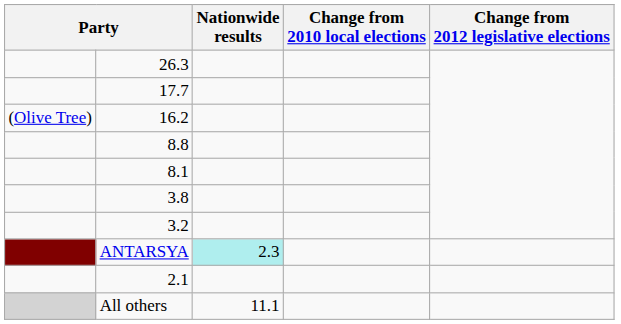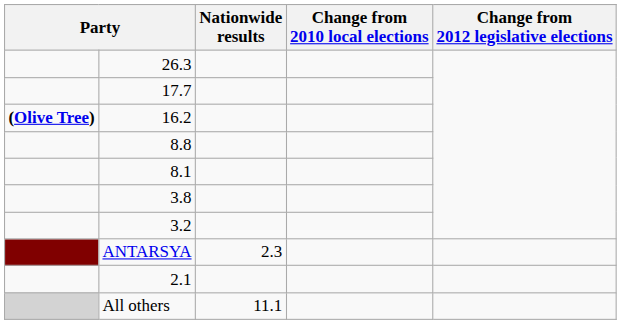 <table class="wikitable">
 <tr>
 <th colspan="2" rowspan="1">Party</th>
 <th colspan="1" rowspan="1">Nationwide<br>results</th>
 <th colspan="1" rowspan="1">Change from <br><a href='#'>2010 local elections</a></th>
 <th colspan="1" rowspan="1">Change from <br><a href='#'>2012 legislative elections</a></th>
 </tr>
 <tr>
 <td></td>
 <td align="right">26.3</td>
 <td align="right"></td>
 <td align="right"></td>
 </tr>
 <tr>
 <td></td>
 <td align="right">17.7</td>
 <td align="right"></td>
 <td align="right"></td>
 </tr>
 <tr>
-<td> (<a href='#'>Olive Tree</a>)</td>
+<td><strong> (<a href='#'>Olive Tree</a>)</strong></td>
 <td align="right">16.2</td>
 <td align="right"></td>
 <td align="right"></td>
 </tr>
 <tr>
 <td></td>
 <td align="right">8.8</td>
 <td align="right"></td>
 <td align="right"></td>
 </tr>
 <tr>
 <td></td>
 <td align="right">8.1</td>
 <td align="right"></td>
 <td align="right"></td>
 </tr>
 <tr>
 <td></td>
 <td align="right">3.8</td>
 <td align="right"></td>
 <td align="right"></td>
 </tr>
 <tr>
 <td></td>
 <td align="right">3.2</td>
 <td align="right"></td>
 <td align="right"></td>
 </tr>
 <tr>
 <td bgcolor="maroon"></td>
 <td><a href='#'>ANTARSYA</a></td>
-<td align="right" style="background: paleturquoise;">2.3</td>
+<td align="right">2.3</td>
 <td align="right"></td>
 <td align="right"></td>
 </tr>
 <tr>
 <td></td>
 <td align="right">2.1</td>
 <td align="right"></td>
 <td align="right"></td>
 </tr>
 <tr>
 <td bgcolor="#d3d3d3"></td>
 <td>All others</td>
 <td align="right">11.1</td>
 <td align="right"></td>
 <td align="right"></td>
 </tr>
 </table>
